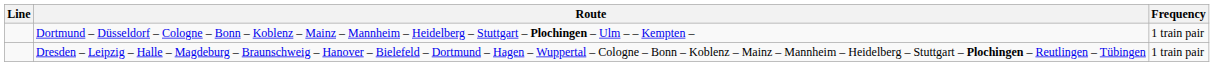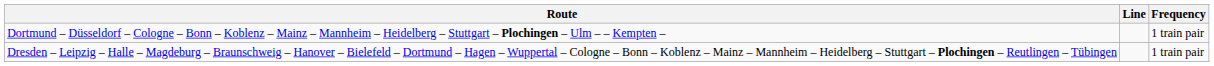 <table class="wikitable">
 <tr>
+<th>Route</th>
 <th>Line</th>
-<th>Route</th>
 <th>Frequency</th>
 </tr>
 <tr>
+<td><a href='#'>Dortmund</a> – <a href='#'>Düsseldorf</a> – <a href='#'>Cologne</a> – <a href='#'>Bonn</a> – <a href='#'>Koblenz</a> – <a href='#'>Mainz</a> – <a href='#'>Mannheim</a> – <a href='#'>Heidelberg</a> – <a href='#'>Stuttgart</a> – <strong>Plochingen</strong> – <a href='#'>Ulm</a> –  – <a href='#'>Kempten</a> – </td>
 <td></td>
-<td><a href='#'>Dortmund</a> – <a href='#'>Düsseldorf</a> – <a href='#'>Cologne</a> – <a href='#'>Bonn</a> – <a href='#'>Koblenz</a> – <a href='#'>Mainz</a> – <a href='#'>Mannheim</a> – <a href='#'>Heidelberg</a> – <a href='#'>Stuttgart</a> – <strong>Plochingen</strong> – <a href='#'>Ulm</a> –  – <a href='#'>Kempten</a> – </td>
 <td>1 train pair</td>
 </tr>
 <tr>
+<td><a href='#'>Dresden</a> –  <a href='#'>Leipzig</a> – <a href='#'>Halle</a> – <a href='#'>Magdeburg</a> – <a href='#'>Braunschweig</a> – <a href='#'>Hanover</a> – <a href='#'>Bielefeld</a> – <a href='#'>Dortmund</a> – <a href='#'>Hagen</a> – <a href='#'>Wuppertal</a> – Cologne – Bonn – Koblenz – Mainz – Mannheim – Heidelberg – Stuttgart – <strong>Plochingen</strong> – <a href='#'>Reutlingen</a> – <a href='#'>Tübingen</a></td>
 <td></td>
-<td><a href='#'>Dresden</a> –  <a href='#'>Leipzig</a> – <a href='#'>Halle</a> – <a href='#'>Magdeburg</a> – <a href='#'>Braunschweig</a> – <a href='#'>Hanover</a> – <a href='#'>Bielefeld</a> – <a href='#'>Dortmund</a> – <a href='#'>Hagen</a> – <a href='#'>Wuppertal</a> – Cologne – Bonn – Koblenz – Mainz – Mannheim – Heidelberg – Stuttgart – <strong>Plochingen</strong> – <a href='#'>Reutlingen</a> – <a href='#'>Tübingen</a></td>
 <td>1 train pair</td>
 </tr>
 </table>
